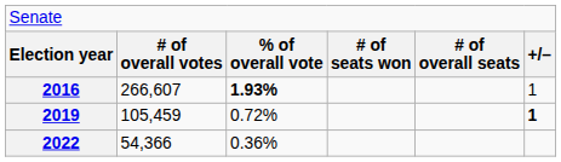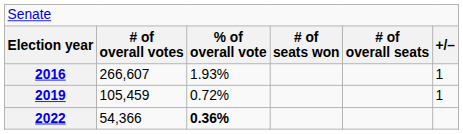 <table class=wikitable>
 <tr>
 <td colspan=7><a href='#'>Senate</a></td>
 </tr>
 <tr>
 <th>Election year</th>
 <th># of<br>overall votes</th>
 <th>% of<br>overall vote</th>
 <th># of<br>seats won</th>
 <th># of<br>overall seats</th>
 <th>+/–</th>
 </tr>
 <tr>
 <th><a href='#'>2016</a></th>
 <td>266,607</td>
-<td><strong>1.93%</strong></td>
+<td>1.93%</td>
 <td></td>
 <td></td>
 <td> 1</td>
 </tr>
 <tr>
 <th><a href='#'>2019</a></th>
 <td>105,459</td>
 <td>0.72%</td>
 <td></td>
 <td></td>
-<td><strong> 1</strong></td>
+<td> 1</td>
 </tr>
 <tr>
 <th><a href='#'>2022</a></th>
 <td>54,366</td>
-<td>0.36%</td>
+<td><strong>0.36%</strong></td>
 <td></td>
 <td></td>
 <td></td>
 </tr>
 </table>
